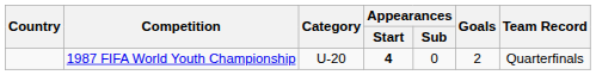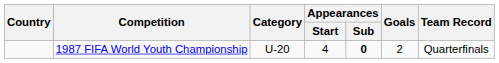 <table class="wikitable" style="text-align: center;">
 <tr>
 <th rowspan="2">Country</th>
 <th rowspan="2">Competition</th>
 <th rowspan="2">Category</th>
 <th colspan="2">Appearances</th>
 <th rowspan="2">Goals</th>
 <th rowspan="2">Team Record</th>
 </tr>
 <tr>
 <th>Start</th>
 <th>Sub</th>
 </tr>
 <tr>
 <td></td>
 <td><a href='#'>1987 FIFA World Youth Championship</a></td>
 <td>U-20</td>
-<td><strong>4</strong></td>
-<td>0</td>
+<td>4</td>
+<td><strong>0</strong></td>
 <td>2</td>
 <td>Quarterfinals</td>
 </tr>
 </table>
